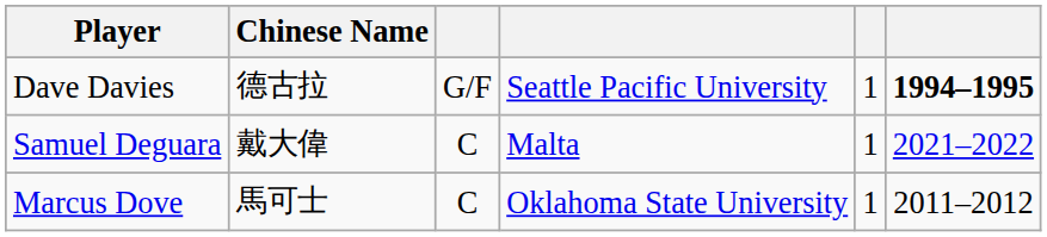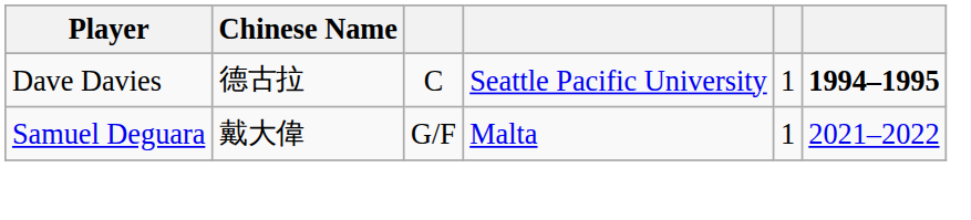 <table class="wikitable sortable" style="font-size:95%; text-align:right;">
 <tr>
 <th>Player</th>
 <th>Chinese Name</th>
 <th></th>
 <th></th>
 <th></th>
 <th></th>
 </tr>
 <tr>
 <td align="left">Dave Davies</td>
 <td align="left">德古拉</td>
-<td align="center">G/F</td>
+<td align="center">C</td>
 <td align="left"><a href='#'>Seattle Pacific University</a></td>
 <td align="center">1</td>
 <td align="center"><strong>1994–1995</strong></td>
 </tr>
 <tr>
 <td align="left"><a href='#'>Samuel Deguara</a></td>
 <td align="left">戴大偉</td>
-<td align="center">C</td>
+<td align="center">G/F</td>
 <td align="left"><a href='#'>Malta</a></td>
 <td align="center">1</td>
 <td align="center"><a href='#'>2021–2022</a></td>
 </tr>
-<tr>
-<td align="left"><a href='#'>Marcus Dove</a></td>
-<td align="left">馬可士</td>
-<td align="center">C</td>
-<td align="left"><a href='#'>Oklahoma State University</a></td>
-<td align="center">1</td>
-<td align="center">2011–2012</td>
-</tr>
 </table>
